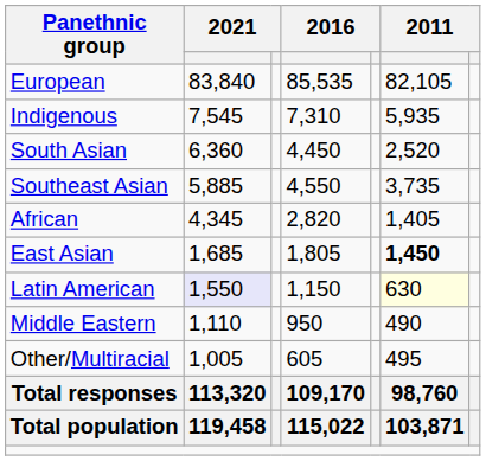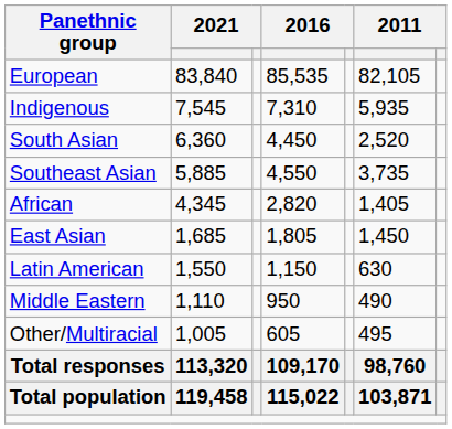 <table class="wikitable collapsible sortable">
 <tr>
 <th rowspan="2"><a href='#'>Panethnic</a><br>group</th>
 <th colspan="2">2021</th>
 <th colspan="2">2016</th>
 <th colspan="2">2011</th>
 </tr>
 <tr>
 <th><a href='#'></a></th>
 <th></th>
 <th></th>
 <th></th>
 <th></th>
 <th></th>
 </tr>
 <tr>
 <td><a href='#'>European</a></td>
 <td>83,840</td>
 <td></td>
 <td>85,535</td>
 <td></td>
 <td>82,105</td>
 <td></td>
 </tr>
 <tr>
 <td><a href='#'>Indigenous</a></td>
 <td>7,545</td>
 <td></td>
 <td>7,310</td>
 <td></td>
 <td>5,935</td>
 <td></td>
 </tr>
 <tr>
 <td><a href='#'>South Asian</a></td>
 <td>6,360</td>
 <td></td>
 <td>4,450</td>
 <td></td>
 <td>2,520</td>
 <td></td>
 </tr>
 <tr>
 <td><a href='#'>Southeast Asian</a></td>
 <td>5,885</td>
 <td></td>
 <td>4,550</td>
 <td></td>
 <td>3,735</td>
 <td></td>
 </tr>
 <tr>
 <td><a href='#'>African</a></td>
 <td>4,345</td>
 <td></td>
 <td>2,820</td>
 <td></td>
 <td>1,405</td>
 <td></td>
 </tr>
 <tr>
 <td><a href='#'>East Asian</a></td>
 <td>1,685</td>
 <td></td>
 <td>1,805</td>
 <td></td>
-<td><strong>1,450</strong></td>
+<td>1,450</td>
 <td></td>
 </tr>
 <tr>
 <td><a href='#'>Latin American</a></td>
-<td style="background: lavender;">1,550</td>
+<td>1,550</td>
 <td></td>
 <td>1,150</td>
 <td></td>
-<td style="background: lightyellow;">630</td>
+<td>630</td>
 <td></td>
 </tr>
 <tr>
 <td><a href='#'>Middle Eastern</a></td>
 <td>1,110</td>
 <td></td>
 <td>950</td>
 <td></td>
 <td>490</td>
 <td></td>
 </tr>
 <tr>
 <td>Other/<a href='#'>Multiracial</a></td>
 <td>1,005</td>
 <td></td>
 <td>605</td>
 <td></td>
 <td>495</td>
 <td></td>
 </tr>
 <tr>
 <th>Total responses</th>
 <th>113,320</th>
 <th></th>
 <th>109,170</th>
 <th></th>
 <th>98,760</th>
 <th></th>
 </tr>
 <tr>
 <th>Total population</th>
 <th>119,458</th>
 <th></th>
 <th>115,022</th>
 <th></th>
 <th>103,871</th>
 <th></th>
 </tr>
 <tr class="sortbottom">
 <td colspan="15"></td>
 </tr>
 </table>
